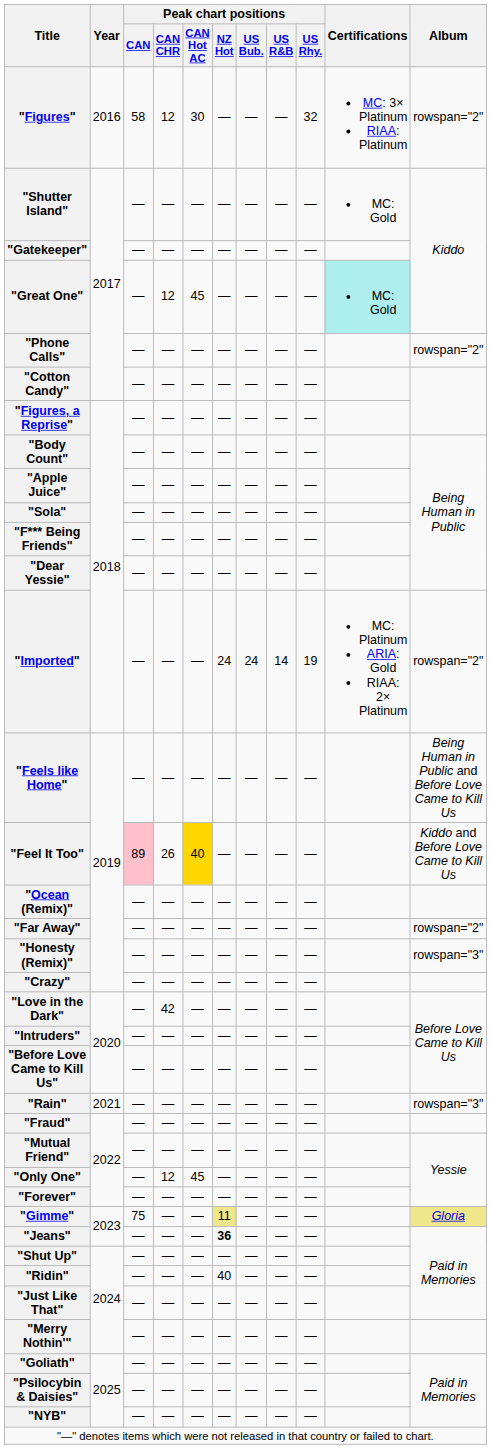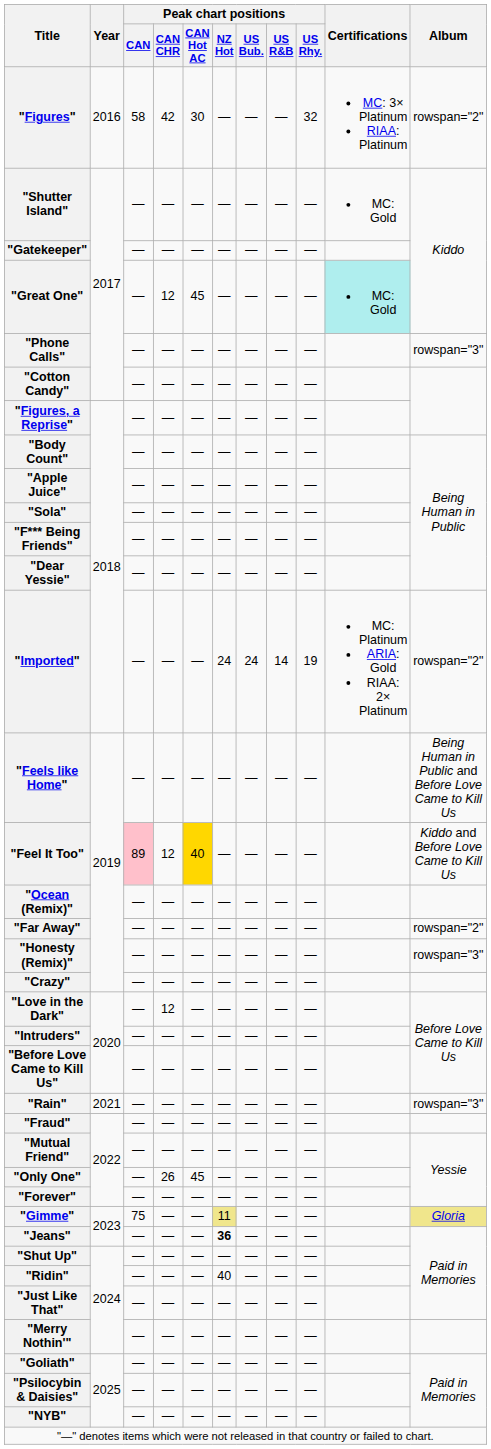 <table class="wikitable plainrowheaders" style="text-align:center;">
 <tr>
 <th scope="col" rowspan="2" style="width:16em;">Title</th>
 <th scope="col" rowspan="2" style="width:1em;">Year</th>
 <th scope="col" colspan="7">Peak chart positions</th>
 <th scope="col" rowspan="2">Certifications</th>
 <th scope="col" rowspan="2">Album</th>
 </tr>
 <tr>
 <th scope="col" style="width:3em;font-size:90%;"><a href='#'>CAN</a><br></th>
 <th scope="col" style="width:3em;font-size:90%;"><a href='#'>CAN<br>CHR</a><br></th>
 <th scope="col" style="width:3em;font-size:90%;"><a href='#'>CAN<br>Hot AC</a><br></th>
 <th scope="col" style="width:3em;font-size:90%;"><a href='#'>NZ<br>Hot</a><br></th>
 <th scope="col" style="width:3em;font-size:90%;"><a href='#'>US<br>Bub.</a><br></th>
 <th scope="col" style="width:3em;font-size:90%;"><a href='#'>US<br>R&B</a><br></th>
 <th scope="col" style="width:3em;font-size:90%;"><a href='#'>US<br>Rhy.</a><br></th>
 </tr>
 <tr>
 <th scope="row">"<a href='#'>Figures</a>"</th>
 <td>2016</td>
 <td>58</td>
-<td>12</td>
+<td>42</td>
 <td>30</td>
 <td>—</td>
 <td>—</td>
 <td>—</td>
 <td>32</td>
 <td><br><ul><li><a href='#'>MC</a>: 3× Platinum</li><li><a href='#'>RIAA</a>: Platinum</li></ul></td>
 <td>rowspan="2" </td>
 </tr>
 <tr>
 <th scope="row">"Shutter Island"</th>
 <td rowspan="5">2017</td>
 <td>—</td>
 <td>—</td>
 <td>—</td>
 <td>—</td>
 <td>—</td>
 <td>—</td>
 <td>—</td>
 <td><br><ul><li>MC: Gold</li></ul></td>
 <td rowspan="3"><em>Kiddo</em></td>
 </tr>
 <tr>
 <th scope="row">"Gatekeeper"</th>
 <td>—</td>
 <td>—</td>
 <td>—</td>
 <td>—</td>
 <td>—</td>
 <td>—</td>
 <td>—</td>
 <td></td>
 </tr>
 <tr>
 <th scope="row">"Great One"</th>
 <td>—</td>
 <td>12</td>
 <td>45</td>
 <td>—</td>
 <td>—</td>
 <td>—</td>
 <td>—</td>
 <td style="background: paleturquoise;"><br><ul><li>MC: Gold</li></ul></td>
 </tr>
 <tr>
 <th scope="row">"Phone Calls"</th>
 <td>—</td>
 <td>—</td>
 <td>—</td>
 <td>—</td>
 <td>—</td>
 <td>—</td>
 <td>—</td>
 <td></td>
-<td>rowspan="2" </td>
+<td>rowspan="3" </td>
 </tr>
 <tr>
 <th scope="row">"Cotton Candy"</th>
 <td>—</td>
 <td>—</td>
 <td>—</td>
 <td>—</td>
 <td>—</td>
 <td>—</td>
 <td>—</td>
 <td></td>
 </tr>
 <tr>
 <th scope="row">"<a href='#'>Figures, a Reprise</a>"<br></th>
 <td rowspan="7">2018</td>
 <td>—</td>
 <td>—</td>
 <td>—</td>
 <td>—</td>
 <td>—</td>
 <td>—</td>
 <td>—</td>
 <td></td>
 </tr>
 <tr>
 <th scope="row">"Body Count"<br></th>
 <td>—</td>
 <td>—</td>
 <td>—</td>
 <td>—</td>
 <td>—</td>
 <td>—</td>
 <td>—</td>
 <td></td>
 <td rowspan="5"><em>Being Human in Public</em></td>
 </tr>
 <tr>
 <th scope="row">"Apple Juice"</th>
 <td>—</td>
 <td>—</td>
 <td>—</td>
 <td>—</td>
 <td>—</td>
 <td>—</td>
 <td>—</td>
 <td></td>
 </tr>
 <tr>
 <th scope="row">"Sola"</th>
 <td>—</td>
 <td>—</td>
 <td>—</td>
 <td>—</td>
 <td>—</td>
 <td>—</td>
 <td>—</td>
 <td></td>
 </tr>
 <tr>
 <th scope="row">"F*** Being Friends"</th>
 <td>—</td>
 <td>—</td>
 <td>—</td>
 <td>—</td>
 <td>—</td>
 <td>—</td>
 <td>—</td>
 <td></td>
 </tr>
 <tr>
 <th scope="row">"Dear Yessie"</th>
 <td>—</td>
 <td>—</td>
 <td>—</td>
 <td>—</td>
 <td>—</td>
 <td>—</td>
 <td>—</td>
 <td></td>
 </tr>
 <tr>
 <th scope="row">"<a href='#'>Imported</a>"<br></th>
 <td>—</td>
 <td>—</td>
 <td>—</td>
 <td>24</td>
 <td>24</td>
 <td>14</td>
 <td>19</td>
 <td><br><ul><li>MC: Platinum</li><li><a href='#'>ARIA</a>: Gold</li><li>RIAA: 2× Platinum</li></ul></td>
 <td>rowspan="2" </td>
 </tr>
 <tr>
 <th scope="row">"<a href='#'>Feels like Home</a>"<br></th>
 <td rowspan="6">2019</td>
 <td>—</td>
 <td>—</td>
 <td>—</td>
 <td>—</td>
 <td>—</td>
 <td>—</td>
 <td>—</td>
 <td></td>
 <td><em>Being Human in Public</em> and<br><em>Before Love Came to Kill Us</em></td>
 </tr>
 <tr>
 <th scope="row">"Feel It Too"<br></th>
 <td style="background: pink;">89</td>
-<td>26</td>
+<td>12</td>
 <td style="background: gold;">40</td>
 <td>—</td>
 <td>—</td>
 <td>—</td>
 <td>—</td>
 <td></td>
 <td><em>Kiddo</em> and <em>Before Love Came to Kill Us</em></td>
 </tr>
 <tr>
 <th scope="row">"<a href='#'>Ocean</a> (Remix)"<br></th>
 <td>—</td>
 <td>—</td>
 <td>—</td>
 <td>—</td>
 <td>—</td>
 <td>—</td>
 <td>—</td>
 <td></td>
 </tr>
 <tr>
 <th scope="row">"Far Away"</th>
 <td>—</td>
 <td>—</td>
 <td>—</td>
 <td>—</td>
 <td>—</td>
 <td>—</td>
 <td>—</td>
 <td></td>
 <td>rowspan="2" </td>
 </tr>
 <tr>
 <th scope="row">"Honesty (Remix)"<br></th>
 <td>—</td>
 <td>—</td>
 <td>—</td>
 <td>—</td>
 <td>—</td>
 <td>—</td>
 <td>—</td>
 <td></td>
 <td>rowspan="3" </td>
 </tr>
 <tr>
 <th scope="row">"Crazy"</th>
 <td>—</td>
 <td>—</td>
 <td>—</td>
 <td>—</td>
 <td>—</td>
 <td>—</td>
 <td>—</td>
 <td></td>
 </tr>
 <tr>
 <th scope="row">"Love in the Dark"</th>
 <td rowspan="3">2020</td>
 <td>—</td>
-<td>42</td>
+<td>12</td>
 <td>—</td>
 <td>—</td>
 <td>—</td>
 <td>—</td>
 <td>—</td>
 <td></td>
 <td rowspan="3"><em>Before Love Came to Kill Us</em></td>
 </tr>
 <tr>
 <th scope="row">"Intruders"</th>
 <td>—</td>
 <td>—</td>
 <td>—</td>
 <td>—</td>
 <td>—</td>
 <td>—</td>
 <td>—</td>
 <td></td>
 </tr>
 <tr>
 <th scope="row">"Before Love Came to Kill Us"</th>
 <td>—</td>
 <td>—</td>
 <td>—</td>
 <td>—</td>
 <td>—</td>
 <td>—</td>
 <td>—</td>
 <td></td>
 </tr>
 <tr>
 <th scope="row">"Rain"<br></th>
 <td>2021</td>
 <td>—</td>
 <td>—</td>
 <td>—</td>
 <td>—</td>
 <td>—</td>
 <td>—</td>
 <td>—</td>
 <td></td>
 <td>rowspan="3" </td>
 </tr>
 <tr>
 <th scope="row">"Fraud"</th>
 <td rowspan="4">2022</td>
 <td>—</td>
 <td>—</td>
 <td>—</td>
 <td>—</td>
 <td>—</td>
 <td>—</td>
 <td>—</td>
 <td></td>
 </tr>
 <tr>
 <th scope="row">"Mutual Friend"</th>
 <td>—</td>
 <td>—</td>
 <td>—</td>
 <td>—</td>
 <td>—</td>
 <td>—</td>
 <td>—</td>
 <td></td>
 <td rowspan="3"><em>Yessie</em></td>
 </tr>
 <tr>
 <th scope="row">"Only One"</th>
 <td>—</td>
-<td>12</td>
+<td>26</td>
 <td>45</td>
 <td>—</td>
 <td>—</td>
 <td>—</td>
 <td>—</td>
 <td></td>
 </tr>
 <tr>
 <th scope="row">"Forever"<br></th>
 <td>—</td>
 <td>—</td>
 <td>—</td>
 <td>—</td>
 <td>—</td>
 <td>—</td>
 <td>—</td>
 <td></td>
 </tr>
 <tr>
 <th scope="row">"<a href='#'>Gimme</a>"<br></th>
 <td rowspan="2">2023</td>
 <td>75</td>
 <td>—</td>
 <td>—</td>
 <td style="background: khaki;">11</td>
 <td>—</td>
 <td>—</td>
 <td>—</td>
 <td></td>
 <td style="background: khaki;"><em><a href='#'>Gloria</a></em></td>
 </tr>
 <tr>
 <th scope="row">"Jeans"<br></th>
 <td>—</td>
 <td>—</td>
 <td>—</td>
 <td><strong>36</strong></td>
 <td>—</td>
 <td>—</td>
 <td>—</td>
 <td></td>
 <td rowspan="4"><em>Paid in Memories</em></td>
 </tr>
 <tr>
 <th scope="row">"Shut Up"<br></th>
 <td rowspan="4">2024</td>
 <td>—</td>
 <td>—</td>
 <td>—</td>
 <td>—</td>
 <td>—</td>
 <td>—</td>
 <td>—</td>
 <td></td>
 </tr>
 <tr>
 <th scope="row">"Ridin"<br></th>
 <td>—</td>
 <td>—</td>
 <td>—</td>
 <td>40</td>
 <td>—</td>
 <td>—</td>
 <td>—</td>
 <td></td>
 </tr>
 <tr>
 <th scope="row">"Just Like That"<br></th>
 <td>—</td>
 <td>—</td>
 <td>—</td>
 <td>—</td>
 <td>—</td>
 <td>—</td>
 <td>—</td>
 <td></td>
 </tr>
 <tr>
 <th scope="row">"Merry Nothin'"</th>
 <td>—</td>
 <td>—</td>
 <td>—</td>
 <td>—</td>
 <td>—</td>
 <td>—</td>
 <td>—</td>
 <td></td>
 <td></td>
 </tr>
 <tr>
 <th scope="row">"Goliath"</th>
 <td rowspan="3">2025</td>
 <td>—</td>
 <td>—</td>
 <td>—</td>
 <td>—</td>
 <td>—</td>
 <td>—</td>
 <td>—</td>
 <td></td>
 <td rowspan="3"><em>Paid in Memories</em></td>
 </tr>
 <tr>
 <th scope="row">"Psilocybin & Daisies"</th>
 <td>—</td>
 <td>—</td>
 <td>—</td>
 <td>—</td>
 <td>—</td>
 <td>—</td>
 <td>—</td>
 <td></td>
 </tr>
 <tr>
 <th scope="row">"NYB"</th>
 <td>—</td>
 <td>—</td>
 <td>—</td>
 <td>—</td>
 <td>—</td>
 <td>—</td>
 <td>—</td>
 <td></td>
 </tr>
 <tr>
 <td colspan="15" style="font-size:90%;">"—" denotes items which were not released in that country or failed to chart.</td>
 </tr>
 </table>
